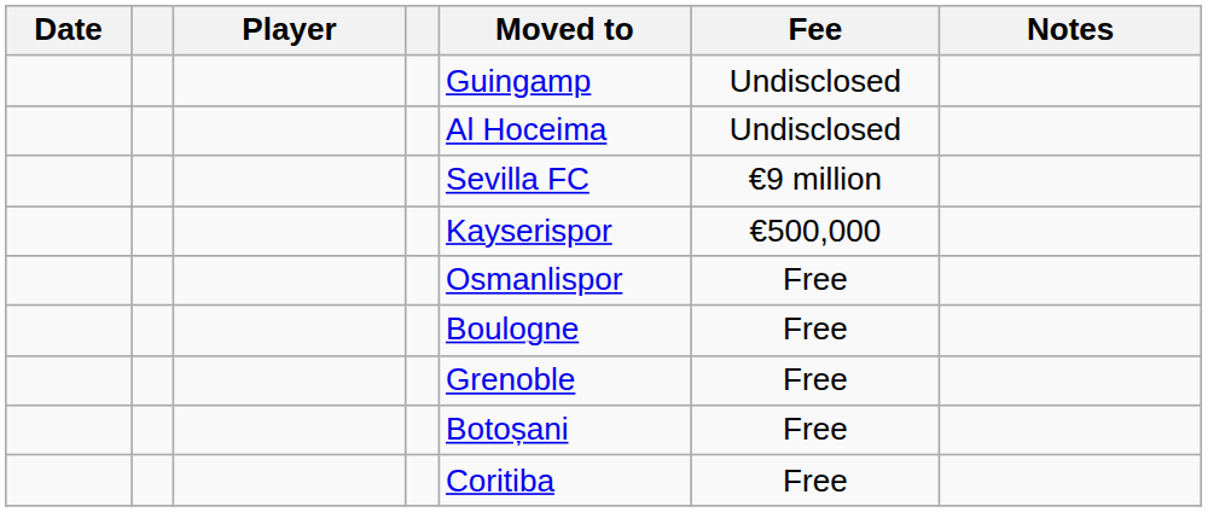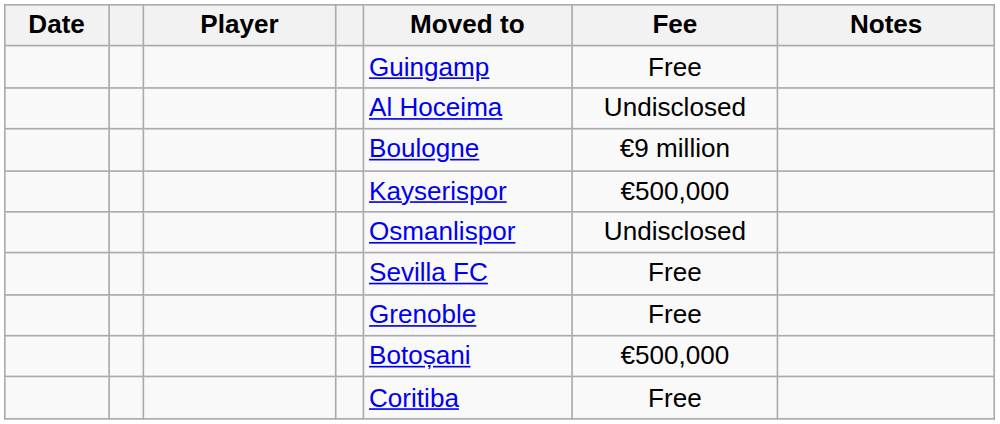 <table class="wikitable sortable">
 <tr>
 <th style="width:80px;">Date</th>
 <th style="width:30px;"></th>
 <th style="width:180px;">Player</th>
 <th style="width:20px;"></th>
 <th style="width:155px;">Moved to</th>
 <th style="width:155px;" class="unsortable">Fee</th>
 <th style="width:215px;" class="unsortable">Notes</th>
 </tr>
 <tr>
 <td></td>
 <td align=center></td>
 <td> </td>
 <td></td>
 <td> <a href='#'>Guingamp</a></td>
-<td align=center>Undisclosed</td>
+<td align=center>Free</td>
 <td align=center></td>
 </tr>
 <tr>
 <td></td>
 <td align=center></td>
 <td> </td>
 <td></td>
 <td> <a href='#'>Al Hoceima</a></td>
 <td align=center>Undisclosed</td>
 <td align=center></td>
 </tr>
 <tr>
 <td></td>
 <td align=center></td>
 <td> </td>
 <td></td>
-<td> <a href='#'>Sevilla FC</a></td>
+<td> <a href='#'>Boulogne</a></td>
 <td align=center>€9 million</td>
 <td align=center></td>
 </tr>
 <tr>
 <td></td>
 <td align=center></td>
 <td> </td>
 <td></td>
 <td> <a href='#'>Kayserispor</a></td>
 <td align=center>€500,000</td>
 <td align=center></td>
 </tr>
 <tr>
 <td></td>
 <td align=center></td>
 <td> </td>
 <td></td>
 <td> <a href='#'>Osmanlispor</a></td>
-<td align=center>Free</td>
+<td align=center>Undisclosed</td>
 <td align=center></td>
 </tr>
 <tr>
 <td></td>
 <td align=center></td>
 <td> </td>
 <td></td>
-<td> <a href='#'>Boulogne</a></td>
+<td> <a href='#'>Sevilla FC</a></td>
 <td align=center>Free</td>
 <td align=center></td>
 </tr>
 <tr>
 <td></td>
 <td align=center></td>
 <td> </td>
 <td></td>
 <td> <a href='#'>Grenoble</a></td>
 <td align=center>Free</td>
 <td align=center></td>
 </tr>
 <tr>
 <td></td>
 <td align=center></td>
 <td> </td>
 <td></td>
 <td> <a href='#'>Botoșani</a></td>
-<td align=center>Free</td>
+<td align=center>€500,000</td>
 <td align=center></td>
 </tr>
 <tr>
 <td></td>
 <td align=center></td>
 <td> </td>
 <td></td>
 <td> <a href='#'>Coritiba</a></td>
 <td align=center>Free</td>
 <td align=center></td>
 </tr>
 </table>
